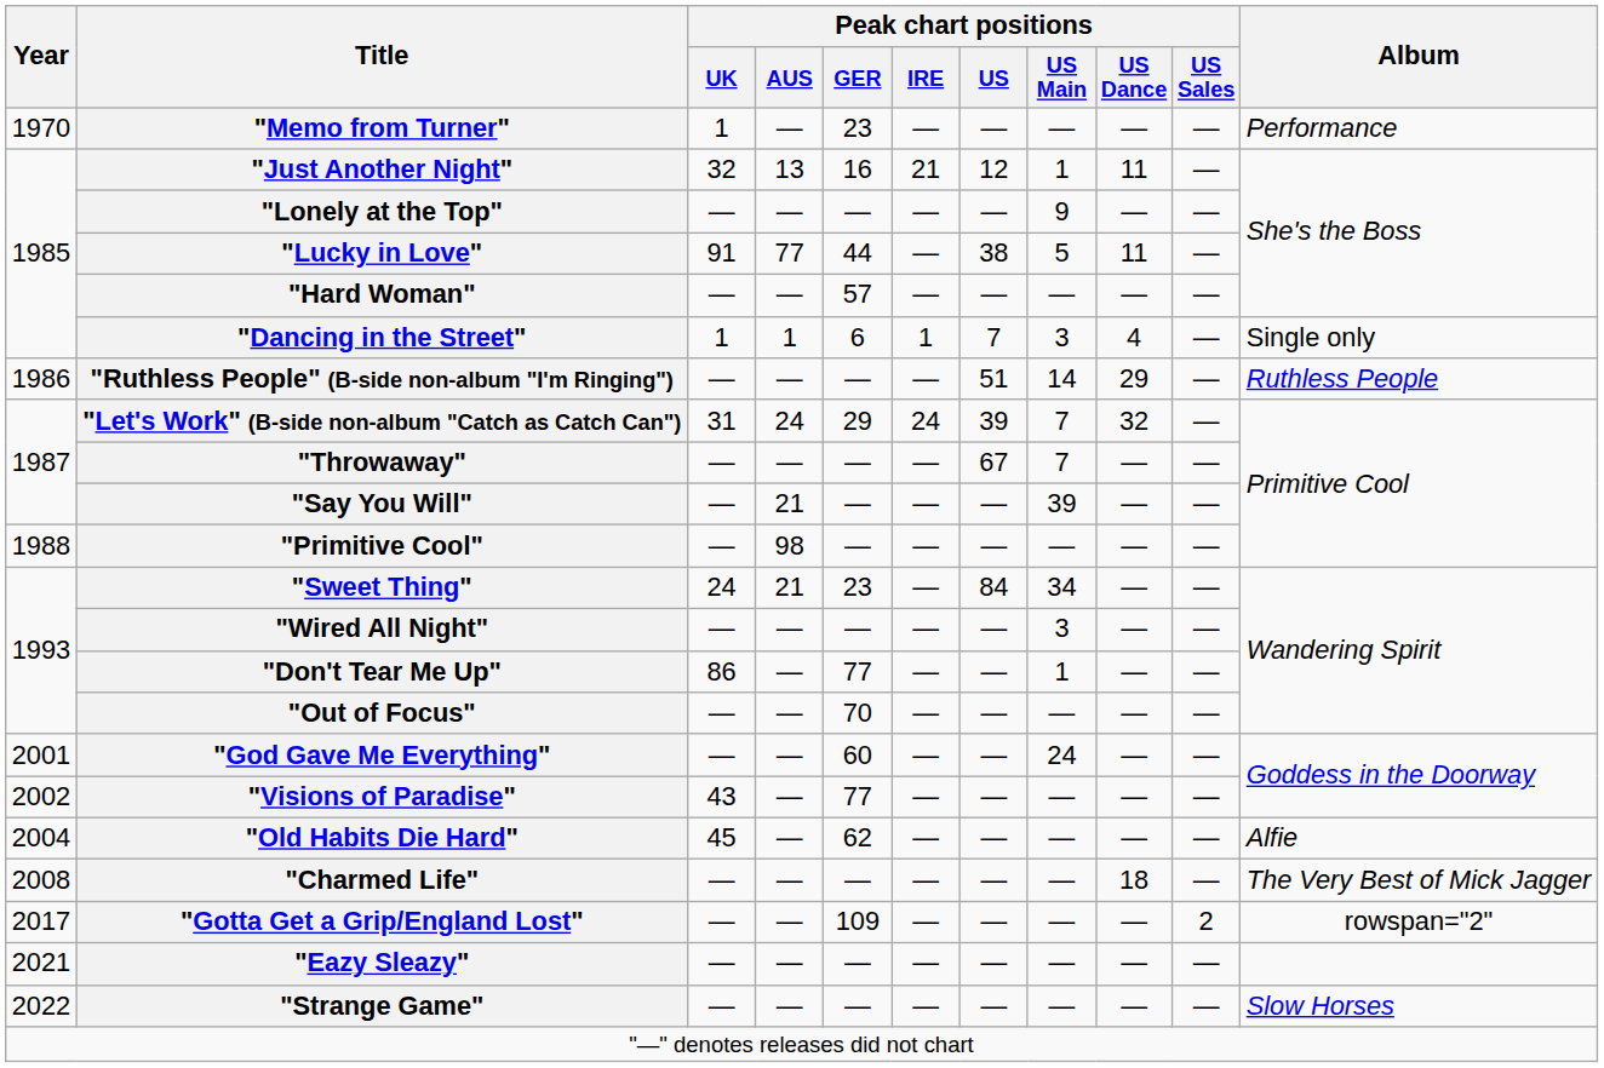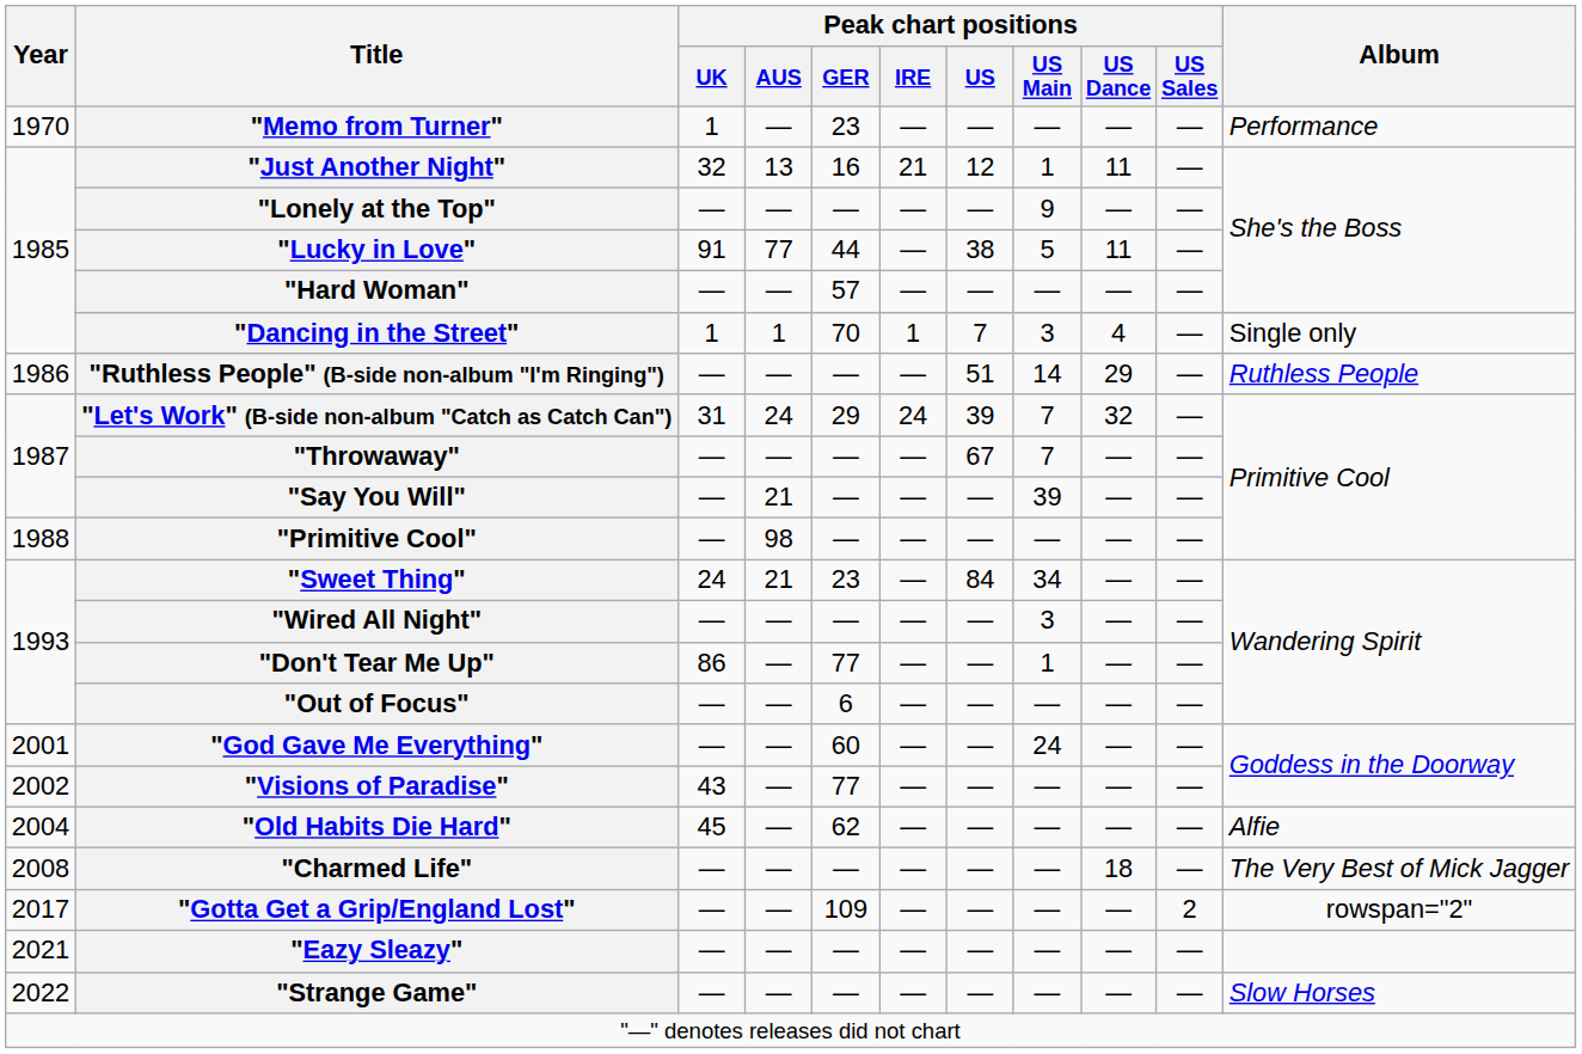 <table class="wikitable plainrowheaders" style="text-align:center;">
 <tr>
 <th scope=col rowspan="2">Year</th>
 <th scope=col rowspan="2">Title</th>
 <th scope=col colspan="8">Peak chart positions</th>
 <th scope=col rowspan="2">Album</th>
 </tr>
 <tr style="font-size:smaller;">
 <th scope=col width="35"><a href='#'>UK</a><br></th>
 <th scope=col width="35"><a href='#'>AUS</a><br></th>
 <th scope=col width="35"><a href='#'>GER</a><br></th>
 <th scope=col width="35"><a href='#'>IRE</a><br></th>
 <th scope=col width="35"><a href='#'>US</a><br></th>
 <th scope=col width="35"><a href='#'>US<br>Main</a><br></th>
 <th scope=col width="35"><a href='#'>US<br>Dance</a><br></th>
 <th scope=col width="35"><a href='#'>US<br>Sales</a><br></th>
 </tr>
 <tr>
 <td>1970</td>
 <th scope="row">"<a href='#'>Memo from Turner</a>"</th>
 <td>1</td>
 <td>—</td>
 <td>23</td>
 <td>—</td>
 <td>—</td>
 <td>—</td>
 <td>—</td>
 <td>—</td>
 <td style="text-align:left;"><em>Performance</em> </td>
 </tr>
 <tr>
 <td rowspan=5>1985</td>
 <th scope="row">"<a href='#'>Just Another Night</a>"</th>
 <td>32</td>
 <td>13</td>
 <td>16</td>
 <td>21</td>
 <td>12</td>
 <td>1</td>
 <td>11</td>
 <td>—</td>
 <td style="text-align:left;" rowspan="4"><em>She's the Boss</em></td>
 </tr>
 <tr>
 <th scope="row">"Lonely at the Top"</th>
 <td>—</td>
 <td>—</td>
 <td>—</td>
 <td>—</td>
 <td>—</td>
 <td>9</td>
 <td>—</td>
 <td>—</td>
 </tr>
 <tr>
 <th scope="row">"<a href='#'>Lucky in Love</a>"</th>
 <td>91</td>
 <td>77</td>
 <td>44</td>
 <td>—</td>
 <td>38</td>
 <td>5</td>
 <td>11</td>
 <td>—</td>
 </tr>
 <tr>
 <th scope="row">"Hard Woman"</th>
 <td>—</td>
 <td>—</td>
 <td>57</td>
 <td>—</td>
 <td>—</td>
 <td>—</td>
 <td>—</td>
 <td>—</td>
 </tr>
 <tr>
 <th scope="row">"<a href='#'>Dancing in the Street</a>" </th>
 <td>1</td>
 <td>1</td>
-<td>6</td>
+<td>70</td>
 <td>1</td>
 <td>7</td>
 <td>3</td>
 <td>4</td>
 <td>—</td>
 <td style="text-align:left;">Single only</td>
 </tr>
 <tr>
 <td>1986</td>
 <th scope="row">"Ruthless People" <small>(B-side non-album "I'm Ringing")</small></th>
 <td>—</td>
 <td>—</td>
 <td>—</td>
 <td>—</td>
 <td>51</td>
 <td>14</td>
 <td>29</td>
 <td>—</td>
 <td style="text-align:left;"><em><a href='#'>Ruthless People</a></em> </td>
 </tr>
 <tr>
 <td rowspan=3>1987</td>
 <th scope="row">"<a href='#'>Let's Work</a>" <small>(B-side non-album "Catch as Catch Can")</small></th>
 <td>31</td>
 <td>24</td>
 <td>29</td>
 <td>24</td>
 <td>39</td>
 <td>7</td>
 <td>32</td>
 <td>—</td>
 <td style="text-align:left;" rowspan="4"><em>Primitive Cool</em></td>
 </tr>
 <tr>
 <th scope="row">"Throwaway"</th>
 <td>—</td>
 <td>—</td>
 <td>—</td>
 <td>—</td>
 <td>67</td>
 <td>7</td>
 <td>—</td>
 <td>—</td>
 </tr>
 <tr>
 <th scope="row">"Say You Will"</th>
 <td>—</td>
 <td>21</td>
 <td>—</td>
 <td>—</td>
 <td>—</td>
 <td>39</td>
 <td>—</td>
 <td>—</td>
 </tr>
 <tr>
 <td>1988</td>
 <th scope="row">"Primitive Cool"</th>
 <td>—</td>
 <td>98</td>
 <td>—</td>
 <td>—</td>
 <td>—</td>
 <td>—</td>
 <td>—</td>
 <td>—</td>
 </tr>
 <tr>
 <td rowspan=4>1993</td>
 <th scope="row">"<a href='#'>Sweet Thing</a>"</th>
 <td>24</td>
 <td>21</td>
 <td>23</td>
 <td>—</td>
 <td>84</td>
 <td>34</td>
 <td>—</td>
 <td>—</td>
 <td style="text-align:left;" rowspan="4"><em>Wandering Spirit</em></td>
 </tr>
 <tr>
 <th scope="row">"Wired All Night"</th>
 <td>—</td>
 <td>—</td>
 <td>—</td>
 <td>—</td>
 <td>—</td>
 <td>3</td>
 <td>—</td>
 <td>—</td>
 </tr>
 <tr>
 <th scope="row">"Don't Tear Me Up"</th>
 <td>86</td>
 <td>—</td>
 <td>77</td>
 <td>—</td>
 <td>—</td>
 <td>1</td>
 <td>—</td>
 <td>—</td>
 </tr>
 <tr>
 <th scope="row">"Out of Focus"</th>
 <td>—</td>
 <td>—</td>
-<td>70</td>
+<td>6</td>
 <td>—</td>
 <td>—</td>
 <td>—</td>
 <td>—</td>
 <td>—</td>
 </tr>
 <tr>
 <td>2001</td>
 <th scope="row">"<a href='#'>God Gave Me Everything</a>" </th>
 <td>—</td>
 <td>—</td>
 <td>60</td>
 <td>—</td>
 <td>—</td>
 <td>24</td>
 <td>—</td>
 <td>—</td>
 <td style="text-align:left;" rowspan="2"><em><a href='#'>Goddess in the Doorway</a></em></td>
 </tr>
 <tr>
 <td>2002</td>
 <th scope="row">"<a href='#'>Visions of Paradise</a>"</th>
 <td>43</td>
 <td>—</td>
 <td>77</td>
 <td>—</td>
 <td>—</td>
 <td>—</td>
 <td>—</td>
 <td>—</td>
 </tr>
 <tr>
 <td>2004</td>
 <th scope="row">"<a href='#'>Old Habits Die Hard</a>" </th>
 <td>45</td>
 <td>—</td>
 <td>62</td>
 <td>—</td>
 <td>—</td>
 <td>—</td>
 <td>—</td>
 <td>—</td>
 <td style="text-align:left;"><em>Alfie</em> </td>
 </tr>
 <tr>
 <td>2008</td>
 <th scope="row">"Charmed Life"</th>
 <td>—</td>
 <td>—</td>
 <td>—</td>
 <td>—</td>
 <td>—</td>
 <td>—</td>
 <td>18</td>
 <td>—</td>
 <td style="text-align:left;"><em>The Very Best of Mick Jagger</em></td>
 </tr>
 <tr>
 <td>2017</td>
 <th scope="row">"<a href='#'>Gotta Get a Grip/England Lost</a>"</th>
 <td>—</td>
 <td>—</td>
 <td>109</td>
 <td>—</td>
 <td>—</td>
 <td>—</td>
 <td>—</td>
 <td>2</td>
 <td>rowspan="2" </td>
 </tr>
 <tr>
 <td>2021</td>
 <th scope="row">"<a href='#'>Eazy Sleazy</a>"</th>
 <td>—</td>
 <td>—</td>
 <td>—</td>
 <td>—</td>
 <td>—</td>
 <td>—</td>
 <td>—</td>
 <td>—</td>
 </tr>
 <tr>
 <td>2022</td>
 <th scope="row">"Strange Game"</th>
 <td>—</td>
 <td>—</td>
 <td>—</td>
 <td>—</td>
 <td>—</td>
 <td>—</td>
 <td>—</td>
 <td>—</td>
 <td style="text-align:left;"><em><a href='#'>Slow Horses</a></em> </td>
 </tr>
 <tr>
 <td colspan="11" style="font-size:85%">"—" denotes releases did not chart</td>
 </tr>
 </table>
